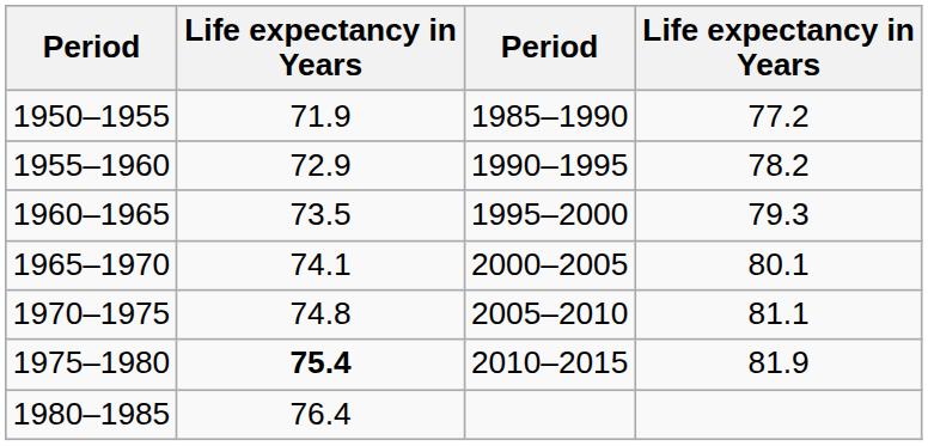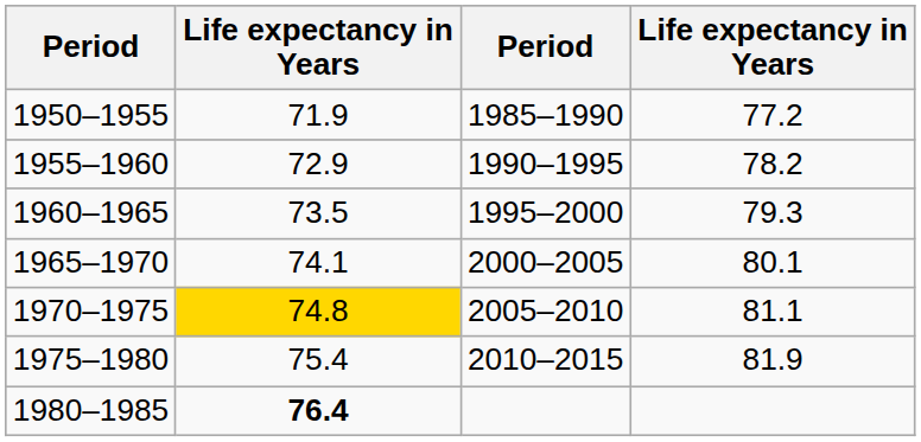 <table class="wikitable" style="text-align: center;">
 <tr>
 <th>Period</th>
 <th>Life expectancy in<br>Years</th>
 <th>Period</th>
 <th>Life expectancy in<br>Years</th>
 </tr>
 <tr>
 <td>1950–1955</td>
 <td>71.9</td>
 <td>1985–1990</td>
 <td>77.2</td>
 </tr>
 <tr>
 <td>1955–1960</td>
 <td>72.9</td>
 <td>1990–1995</td>
 <td>78.2</td>
 </tr>
 <tr>
 <td>1960–1965</td>
 <td>73.5</td>
 <td>1995–2000</td>
 <td>79.3</td>
 </tr>
 <tr>
 <td>1965–1970</td>
 <td>74.1</td>
 <td>2000–2005</td>
 <td>80.1</td>
 </tr>
 <tr>
 <td>1970–1975</td>
-<td>74.8</td>
+<td style="background: gold;">74.8</td>
 <td>2005–2010</td>
 <td>81.1</td>
 </tr>
 <tr>
 <td>1975–1980</td>
-<td><strong>75.4</strong></td>
+<td>75.4</td>
 <td>2010–2015</td>
 <td>81.9</td>
 </tr>
 <tr>
 <td>1980–1985</td>
-<td>76.4</td>
+<td><strong>76.4</strong></td>
 <td></td>
 <td></td>
 </tr>
 </table>
